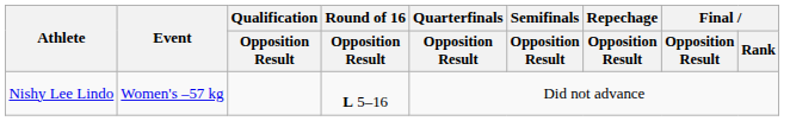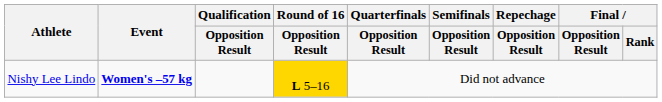 <table class="wikitable" style="font-size:90%;">
 <tr>
 <th rowspan=2>Athlete</th>
 <th rowspan=2>Event</th>
 <th>Qualification</th>
 <th>Round of 16</th>
 <th>Quarterfinals</th>
 <th>Semifinals</th>
 <th>Repechage</th>
 <th colspan=2>Final / </th>
 </tr>
 <tr style="font-size:95%">
 <th>Opposition<br>Result</th>
 <th>Opposition<br>Result</th>
 <th>Opposition<br>Result</th>
 <th>Opposition<br>Result</th>
 <th>Opposition<br>Result</th>
 <th>Opposition<br>Result</th>
 <th>Rank</th>
 </tr>
 <tr align="center">
 <td align="left"><a href='#'>Nishy Lee Lindo</a></td>
-<td align="left"><a href='#'>Women's –57 kg</a></td>
+<td align="left"><strong><a href='#'>Women's –57 kg</a></strong></td>
 <td></td>
-<td><br><strong>L</strong> 5–16</td>
+<td style="background: gold;"><br><strong>L</strong> 5–16</td>
 <td colspan="5">Did not advance</td>
 </tr>
 </table>
